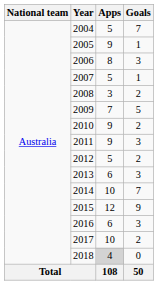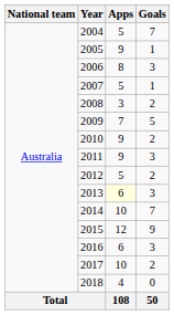 <table class="wikitable" style="text-align:center">
 <tr>
 <th>National team</th>
 <th>Year</th>
 <th>Apps</th>
 <th>Goals</th>
 </tr>
 <tr>
 <td rowspan="15"><a href='#'>Australia</a></td>
 <td>2004</td>
 <td>5</td>
 <td>7</td>
 </tr>
 <tr>
 <td>2005</td>
 <td>9</td>
 <td>1</td>
 </tr>
 <tr>
 <td>2006</td>
 <td>8</td>
 <td>3</td>
 </tr>
 <tr>
 <td>2007</td>
 <td>5</td>
 <td>1</td>
 </tr>
 <tr>
 <td>2008</td>
 <td>3</td>
 <td>2</td>
 </tr>
 <tr>
 <td>2009</td>
 <td>7</td>
 <td>5</td>
 </tr>
 <tr>
 <td>2010</td>
 <td>9</td>
 <td>2</td>
 </tr>
 <tr>
 <td>2011</td>
 <td>9</td>
 <td>3</td>
 </tr>
 <tr>
 <td>2012</td>
 <td>5</td>
 <td>2</td>
 </tr>
 <tr>
 <td>2013</td>
-<td>6</td>
+<td style="background: lightyellow;">6</td>
 <td>3</td>
 </tr>
 <tr>
 <td>2014</td>
 <td>10</td>
 <td>7</td>
 </tr>
 <tr>
 <td>2015</td>
 <td>12</td>
 <td>9</td>
 </tr>
 <tr>
 <td>2016</td>
 <td>6</td>
 <td>3</td>
 </tr>
 <tr>
 <td>2017</td>
 <td>10</td>
 <td>2</td>
 </tr>
 <tr>
 <td>2018</td>
-<td style="background: lightgrey;">4</td>
+<td>4</td>
 <td>0</td>
 </tr>
 <tr>
 <th colspan="2">Total</th>
 <th>108</th>
 <th>50</th>
 </tr>
 </table>
